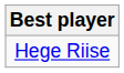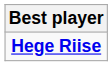 <table class="wikitable" style="margin: 0 auto;">
 <tr>
 <th>Best player</th>
 </tr>
 <tr>
-<td align=center> <a href='#'>Hege Riise</a></td>
+<td align=center><strong> <a href='#'>Hege Riise</a></strong></td>
 </tr>
 </table>
